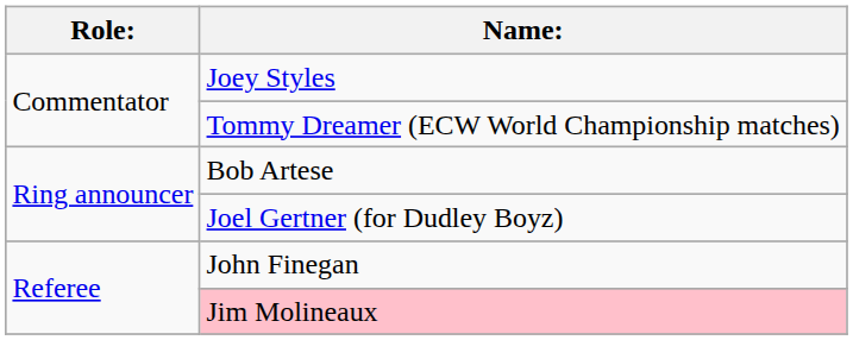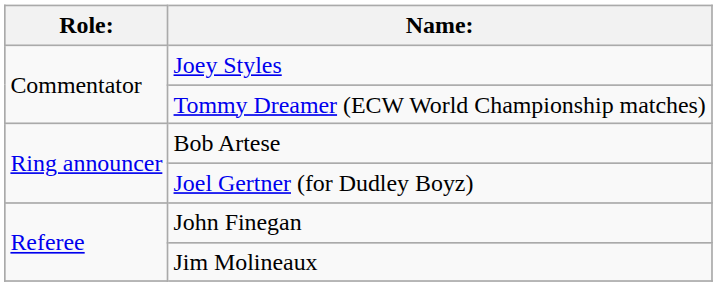 <table class=wikitable style="font-size:90%; margin: 0.5em 1em 0.5em 0; float: left; clear: left;">
 <tr>
 <th>Role:</th>
 <th>Name:</th>
 </tr>
 <tr>
 <td rowspan=2>Commentator</td>
 <td><a href='#'>Joey Styles</a></td>
 </tr>
 <tr>
 <td><a href='#'>Tommy Dreamer</a> (ECW World Championship matches)</td>
 </tr>
 <tr>
 <td rowspan=2><a href='#'>Ring announcer</a></td>
 <td>Bob Artese</td>
 </tr>
 <tr>
 <td><a href='#'>Joel Gertner</a> (for Dudley Boyz)</td>
 </tr>
 <tr>
 <td rowspan=2><a href='#'>Referee</a></td>
 <td>John Finegan</td>
 </tr>
 <tr>
-<td style="background: pink;">Jim Molineaux</td>
+<td>Jim Molineaux</td>
 </tr>
 </table>
